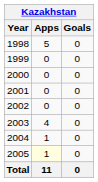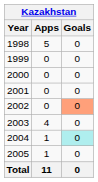 <table class="wikitable" style="text-align:center">
 <tr>
 <th colspan=3><a href='#'>Kazakhstan</a></th>
 </tr>
 <tr>
 <th>Year</th>
 <th>Apps</th>
 <th>Goals</th>
 </tr>
 <tr>
 <td>1998</td>
 <td>5</td>
 <td>0</td>
 </tr>
 <tr>
 <td>1999</td>
 <td>0</td>
 <td>0</td>
 </tr>
 <tr>
 <td>2000</td>
 <td>0</td>
 <td>0</td>
 </tr>
 <tr>
 <td>2001</td>
 <td>0</td>
 <td>0</td>
 </tr>
 <tr>
 <td>2002</td>
 <td>0</td>
-<td>0</td>
+<td style="background: lightsalmon;">0</td>
 </tr>
 <tr>
 <td>2003</td>
 <td>4</td>
 <td>0</td>
 </tr>
 <tr>
 <td>2004</td>
 <td>1</td>
-<td>0</td>
+<td style="background: paleturquoise;">0</td>
 </tr>
 <tr>
 <td>2005</td>
-<td style="background: lightyellow;">1</td>
+<td>1</td>
 <td>0</td>
 </tr>
 <tr>
 <th>Total</th>
 <th>11</th>
 <th>0</th>
 </tr>
 </table>
